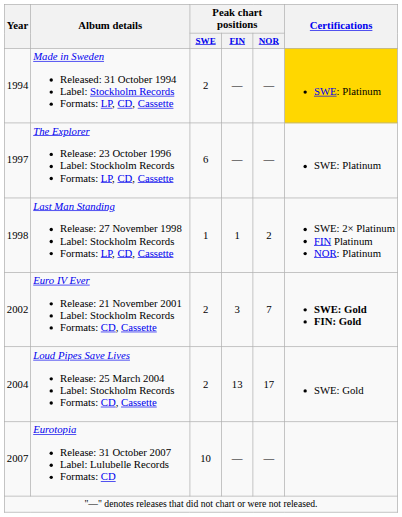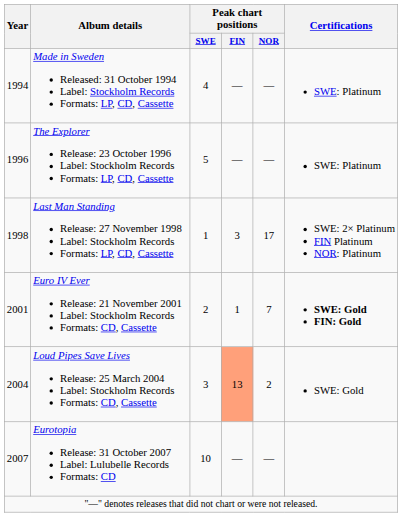 <table class="wikitable" style="text-align:center;">
 <tr>
 <th rowspan="2">Year</th>
 <th rowspan="2" width="230">Album details</th>
 <th colspan="3">Peak chart positions</th>
 <th rowspan="2"><a href='#'>Certifications</a></th>
 </tr>
 <tr>
 <th style="width:3em;font-size:85%"><a href='#'>SWE</a><br></th>
 <th style="width:3em;font-size:85%"><a href='#'>FIN</a><br></th>
 <th style="width:3em;font-size:85%"><a href='#'>NOR</a><br></th>
 </tr>
 <tr>
 <td>1994</td>
 <td align=left><em><a href='#'>Made in Sweden</a></em><br><ul><li>Released: 31 October 1994</li><li>Label: <a href='#'>Stockholm Records</a></li><li>Formats: <a href='#'>LP</a>, <a href='#'>CD</a>, <a href='#'>Cassette</a></li></ul></td>
-<td>2</td>
+<td>4</td>
 <td>—</td>
 <td>—</td>
-<td align="left" style="background: gold;"><br><ul><li><a href='#'>SWE</a>: Platinum</li></ul></td>
+<td align="left"><br><ul><li><a href='#'>SWE</a>: Platinum</li></ul></td>
 </tr>
 <tr>
-<td>1997</td>
+<td>1996</td>
 <td align=left><em><a href='#'>The Explorer</a></em><br><ul><li>Release: 23 October 1996</li><li>Label: Stockholm Records</li><li>Formats: <a href='#'>LP</a>, <a href='#'>CD</a>, <a href='#'>Cassette</a></li></ul></td>
-<td>6</td>
+<td>5</td>
 <td>—</td>
 <td>—</td>
 <td align="left"><br><ul><li>SWE: Platinum</li></ul></td>
 </tr>
 <tr>
 <td>1998</td>
 <td align=left><em><a href='#'>Last Man Standing</a></em><br><ul><li>Release: 27 November 1998</li><li>Label: Stockholm Records</li><li>Formats: <a href='#'>LP</a>, <a href='#'>CD</a>, <a href='#'>Cassette</a></li></ul></td>
 <td>1</td>
-<td>1</td>
-<td>2</td>
+<td>3</td>
+<td>17</td>
 <td align="left"><br><ul><li>SWE: 2× Platinum</li><li><a href='#'>FIN</a> Platinum</li><li><a href='#'>NOR</a>: Platinum</li></ul></td>
 </tr>
 <tr>
-<td>2002</td>
+<td>2001</td>
 <td align=left><em><a href='#'>Euro IV Ever</a></em><br><ul><li>Release: 21 November 2001</li><li>Label: Stockholm Records</li><li>Formats: <a href='#'>CD</a>, <a href='#'>Cassette</a></li></ul></td>
 <td>2</td>
-<td>3</td>
+<td>1</td>
 <td>7</td>
 <td align="left"><strong><br><ul><li>SWE: Gold</li><li>FIN: Gold</li></ul></strong></td>
 </tr>
 <tr>
 <td>2004</td>
 <td align=left><em><a href='#'>Loud Pipes Save Lives</a></em><br><ul><li>Release: 25 March 2004</li><li>Label: Stockholm Records</li><li>Formats: <a href='#'>CD</a>, <a href='#'>Cassette</a></li></ul></td>
+<td>3</td>
+<td style="background: lightsalmon;">13</td>
 <td>2</td>
-<td>13</td>
-<td>17</td>
 <td align="left"><br><ul><li>SWE: Gold</li></ul></td>
 </tr>
 <tr>
 <td>2007</td>
 <td align=left><em><a href='#'>Eurotopia</a></em><br><ul><li>Release: 31 October 2007</li><li>Label: Lulubelle Records</li><li>Formats: <a href='#'>CD</a></li></ul></td>
 <td>10</td>
 <td>—</td>
 <td>—</td>
 <td align="left"></td>
 </tr>
 <tr>
 <td align="center" colspan="14" style="font-size:90%">"—" denotes releases that did not chart or were not released.</td>
 </tr>
 </table>
